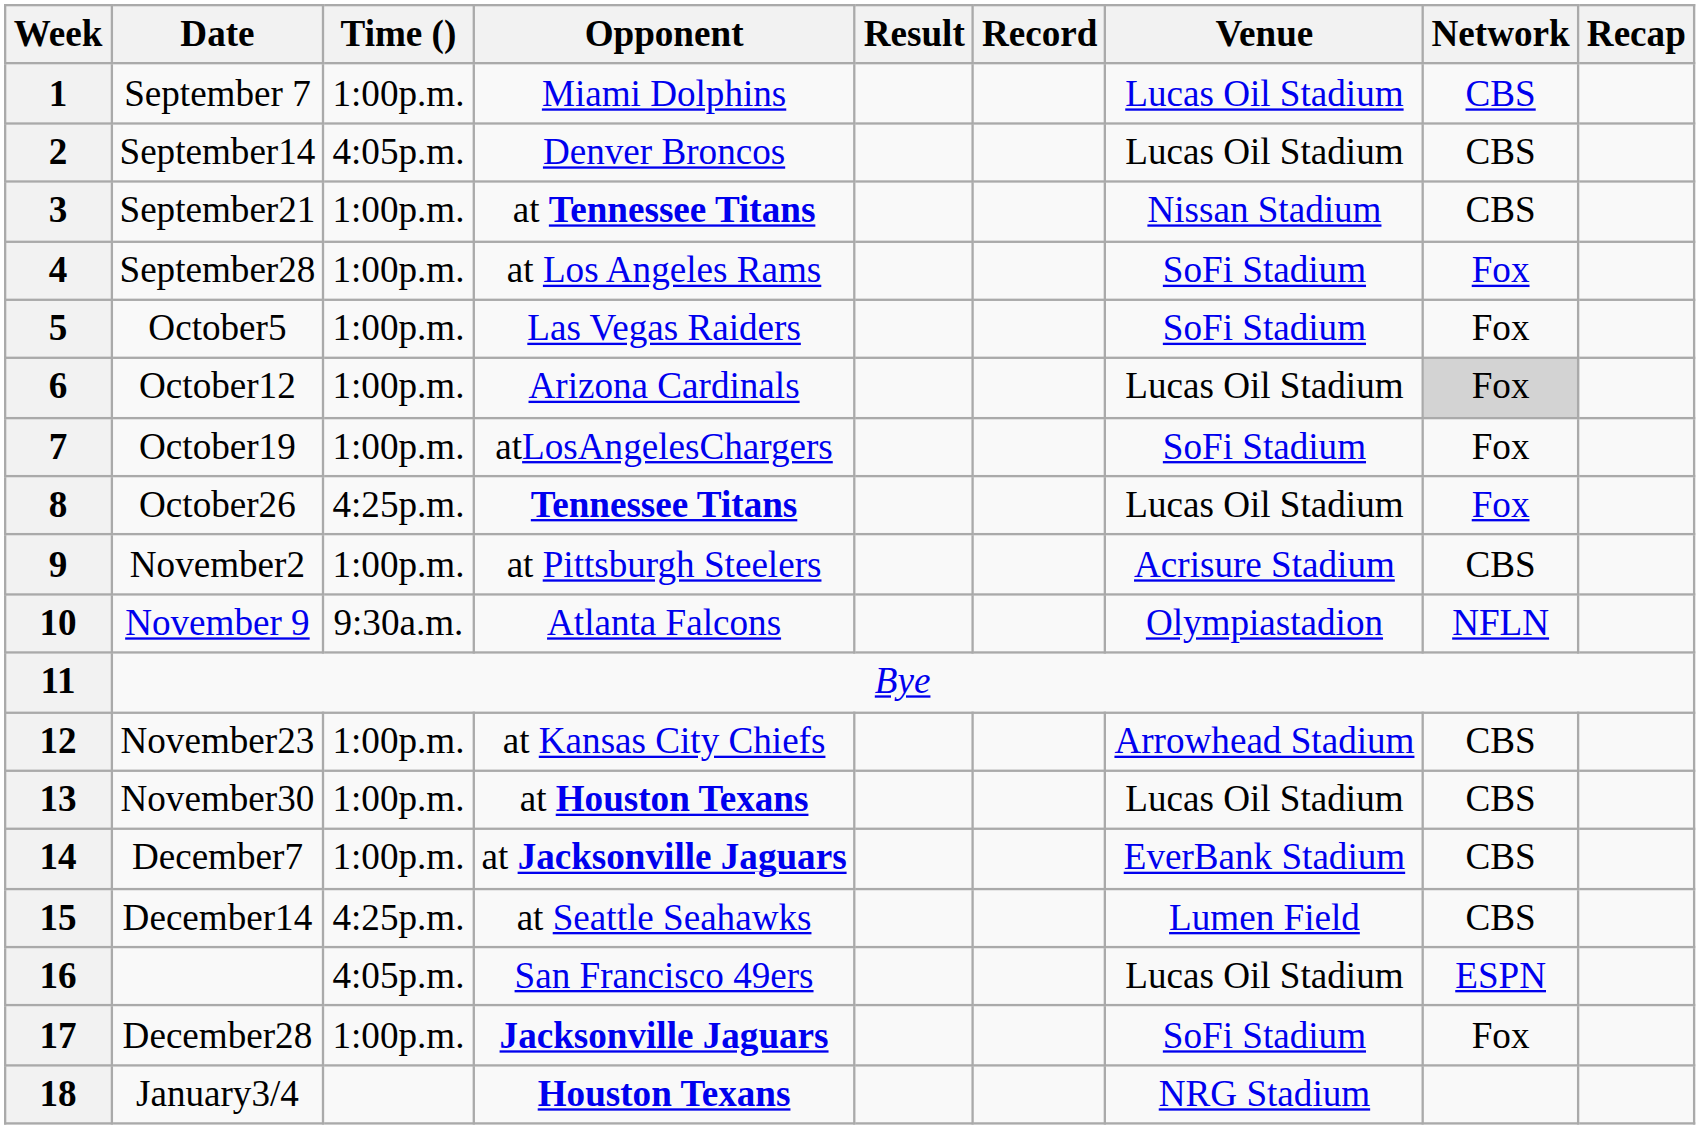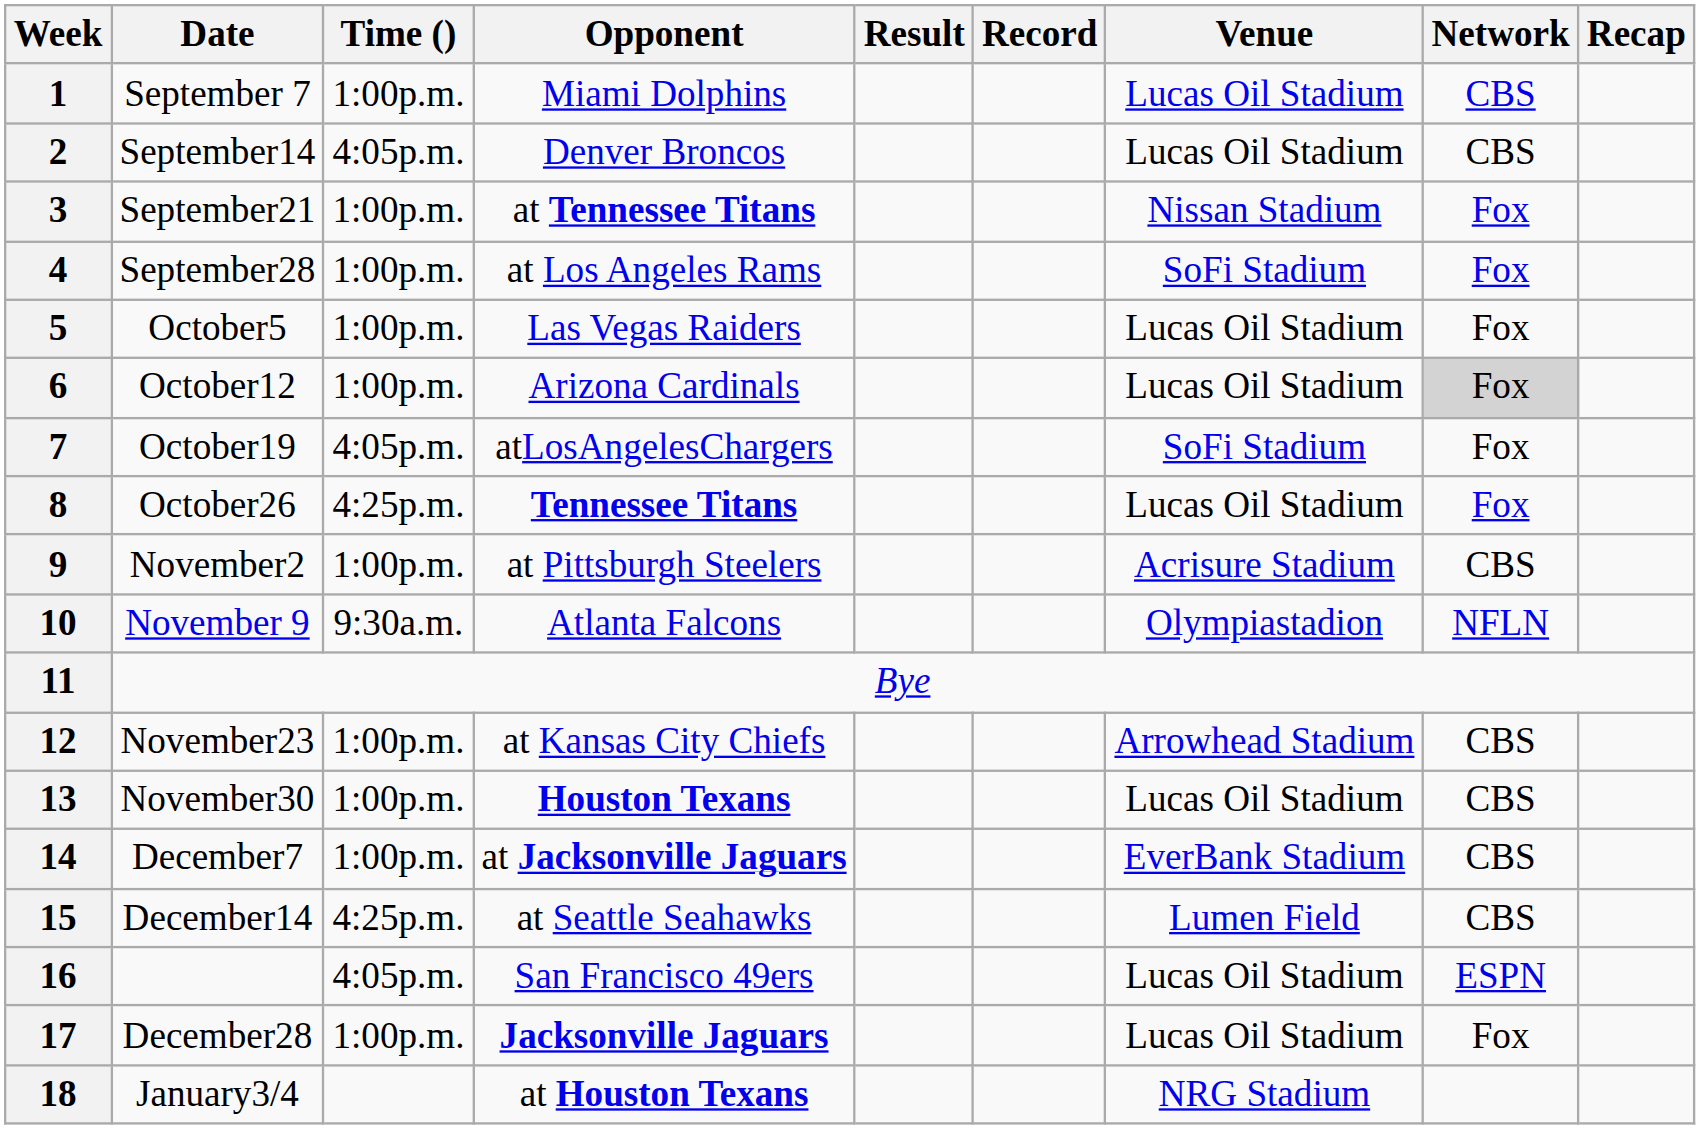 <table class="wikitable" style="text-align:center">
 <tr>
 <th>Week</th>
 <th>Date</th>
 <th>Time (<a href='#'></a>)</th>
 <th>Opponent</th>
 <th>Result</th>
 <th>Record</th>
 <th>Venue</th>
 <th>Network</th>
 <th>Recap</th>
 </tr>
 <tr>
 <th>1 </th>
 <td>September 7</td>
 <td>1:00p.m.</td>
 <td><a href='#'>Miami Dolphins</a></td>
 <td></td>
 <td></td>
 <td><a href='#'>Lucas Oil Stadium</a></td>
 <td><a href='#'>CBS</a></td>
 <td></td>
 </tr>
 <tr>
 <th>2 </th>
 <td>September14</td>
 <td>4:05p.m.</td>
 <td><a href='#'>Denver Broncos</a></td>
 <td></td>
 <td></td>
 <td>Lucas Oil Stadium</td>
 <td>CBS</td>
 <td></td>
 </tr>
 <tr>
 <th>3 </th>
 <td>September21</td>
 <td>1:00p.m.</td>
 <td>at <strong><a href='#'>Tennessee Titans</a></strong></td>
 <td></td>
 <td></td>
 <td><a href='#'>Nissan Stadium</a></td>
-<td>CBS</td>
+<td><a href='#'>Fox</a></td>
 <td></td>
 </tr>
 <tr>
 <th>4 </th>
 <td>September28</td>
 <td>1:00p.m.</td>
 <td>at <a href='#'>Los Angeles Rams</a></td>
 <td></td>
 <td></td>
 <td><a href='#'>SoFi Stadium</a></td>
 <td><a href='#'>Fox</a></td>
 <td></td>
 </tr>
 <tr>
 <th>5 </th>
 <td>October5</td>
 <td>1:00p.m.</td>
 <td><a href='#'>Las Vegas Raiders</a></td>
 <td></td>
 <td></td>
-<td><a href='#'>SoFi Stadium</a></td>
+<td>Lucas Oil Stadium</td>
 <td>Fox</td>
 <td></td>
 </tr>
 <tr>
 <th>6 </th>
 <td>October12</td>
 <td>1:00p.m.</td>
 <td><a href='#'>Arizona Cardinals</a></td>
 <td></td>
 <td></td>
 <td>Lucas Oil Stadium</td>
 <td style="background: lightgrey;">Fox</td>
 <td></td>
 </tr>
 <tr>
 <th>7 </th>
 <td>October19</td>
-<td>1:00p.m.</td>
+<td>4:05p.m.</td>
 <td>at<a href='#'>LosAngelesChargers</a></td>
 <td></td>
 <td></td>
 <td><a href='#'>SoFi Stadium</a></td>
 <td>Fox</td>
 <td></td>
 </tr>
 <tr>
 <th>8 </th>
 <td>October26</td>
 <td>4:25p.m.</td>
 <td><strong><a href='#'>Tennessee Titans</a></strong></td>
 <td></td>
 <td></td>
 <td>Lucas Oil Stadium</td>
 <td><a href='#'>Fox</a></td>
 <td></td>
 </tr>
 <tr>
 <th>9 </th>
 <td>November2</td>
 <td>1:00p.m.</td>
 <td>at <a href='#'>Pittsburgh Steelers</a></td>
 <td></td>
 <td></td>
 <td><a href='#'>Acrisure Stadium</a></td>
 <td>CBS</td>
 <td></td>
 </tr>
 <tr>
 <th>10 </th>
 <td><a href='#'>November 9</a></td>
 <td>9:30a.m.</td>
 <td><a href='#'>Atlanta Falcons</a></td>
 <td></td>
 <td></td>
 <td> <a href='#'>Olympiastadion</a> </td>
 <td><a href='#'>NFLN</a></td>
 <td></td>
 </tr>
 <tr>
 <th>11</th>
 <td colspan=8><em><a href='#'>Bye</a></em></td>
 </tr>
 <tr>
 <th>12 </th>
 <td>November23</td>
 <td>1:00p.m.</td>
 <td>at <a href='#'>Kansas City Chiefs</a></td>
 <td></td>
 <td></td>
 <td><a href='#'>Arrowhead Stadium</a></td>
 <td>CBS</td>
 <td></td>
 </tr>
 <tr>
 <th>13 </th>
 <td>November30</td>
 <td>1:00p.m.</td>
-<td>at <strong><a href='#'>Houston Texans</a></strong></td>
+<td><strong><a href='#'>Houston Texans</a></strong></td>
 <td></td>
 <td></td>
 <td>Lucas Oil Stadium</td>
 <td>CBS</td>
 <td></td>
 </tr>
 <tr>
 <th>14 </th>
 <td>December7</td>
 <td>1:00p.m.</td>
 <td>at <strong><a href='#'>Jacksonville Jaguars</a></strong></td>
 <td></td>
 <td></td>
 <td><a href='#'>EverBank Stadium</a></td>
 <td>CBS</td>
 <td></td>
 </tr>
 <tr>
 <th>15 </th>
 <td>December14</td>
 <td>4:25p.m.</td>
 <td>at <a href='#'>Seattle Seahawks</a></td>
 <td></td>
 <td></td>
 <td><a href='#'>Lumen Field</a></td>
 <td>CBS</td>
 <td></td>
 </tr>
 <tr>
 <th>16 </th>
 <td></td>
 <td>4:05p.m.</td>
 <td><a href='#'>San Francisco 49ers</a></td>
 <td></td>
 <td></td>
 <td>Lucas Oil Stadium</td>
 <td><a href='#'>ESPN</a></td>
 <td></td>
 </tr>
 <tr>
 <th>17 </th>
 <td>December28</td>
 <td>1:00p.m.</td>
 <td><strong><a href='#'>Jacksonville Jaguars</a></strong></td>
 <td></td>
 <td></td>
-<td><a href='#'>SoFi Stadium</a></td>
+<td>Lucas Oil Stadium</td>
 <td>Fox</td>
 <td></td>
 </tr>
 <tr>
 <th>18 </th>
 <td>January3/4</td>
 <td></td>
-<td><strong><a href='#'>Houston Texans</a></strong></td>
+<td>at <strong><a href='#'>Houston Texans</a></strong></td>
 <td></td>
 <td></td>
 <td><a href='#'>NRG Stadium</a></td>
 <td></td>
 <td></td>
 </tr>
 </table>
